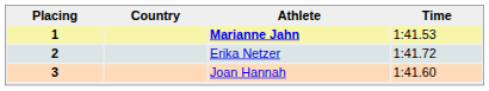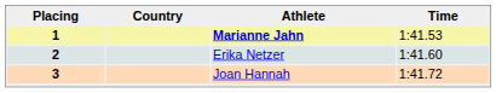 <table style="border-style:solid;border-width:1px;border-color:#808080;background-color:#EFEFEF" cellspacing="2" cellpadding="2" width="600">
 <tr bgcolor="#EFEFEF">
 <th>Placing</th>
 <th>Country</th>
 <th>Athlete</th>
 <th>Time</th>
 </tr>
 <tr align="center" valign="top" bgcolor="#F7F6A8">
 <th>1</th>
 <td align=left></td>
 <td align="left"><strong><a href='#'>Marianne Jahn</a></strong></td>
 <td align="left">1:41.53</td>
 </tr>
 <tr align="center" valign="top" bgcolor="#DCE5E5">
 <th>2</th>
 <td align=left></td>
 <td align="left"><a href='#'>Erika Netzer</a></td>
-<td align="left">1:41.72</td>
+<td align="left">1:41.60</td>
 </tr>
 <tr align="center" valign="top" bgcolor="#FFDAB9">
 <th>3</th>
 <td align=left></td>
 <td align="left"><a href='#'>Joan Hannah</a></td>
-<td align="left">1:41.60</td>
+<td align="left">1:41.72</td>
 </tr>
 <tr align="center" valign="top" bgcolor="#FFFFFF">
 </tr>
 </table>
